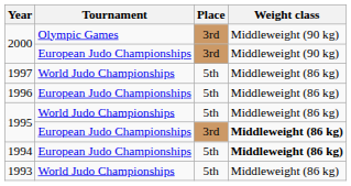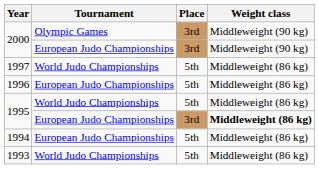 <table class=wikitable>
 <tr>
 <th>Year</th>
 <th>Tournament</th>
 <th>Place</th>
 <th>Weight class</th>
 </tr>
 <tr>
 <td rowspan=2>2000</td>
 <td><a href='#'>Olympic Games</a></td>
 <td bgcolor="cc9966" align="center">3rd</td>
 <td>Middleweight (90 kg)</td>
 </tr>
 <tr>
 <td><a href='#'>European Judo Championships</a></td>
 <td bgcolor="cc9966" align="center">3rd</td>
 <td>Middleweight (90 kg)</td>
 </tr>
 <tr>
 <td>1997</td>
 <td><a href='#'>World Judo Championships</a></td>
 <td align="center">5th</td>
 <td>Middleweight (86 kg)</td>
 </tr>
 <tr>
 <td>1996</td>
 <td><a href='#'>European Judo Championships</a></td>
 <td align="center">5th</td>
 <td>Middleweight (86 kg)</td>
 </tr>
 <tr>
 <td rowspan=2>1995</td>
 <td><a href='#'>World Judo Championships</a></td>
 <td align="center">5th</td>
 <td>Middleweight (86 kg)</td>
 </tr>
 <tr>
 <td><a href='#'>European Judo Championships</a></td>
 <td bgcolor="cc9966" align="center">3rd</td>
 <td><strong>Middleweight (86 kg)</strong></td>
 </tr>
 <tr>
 <td>1994</td>
 <td><a href='#'>European Judo Championships</a></td>
 <td align="center">5th</td>
-<td><strong>Middleweight (86 kg)</strong></td>
+<td>Middleweight (86 kg)</td>
 </tr>
 <tr>
 <td>1993</td>
 <td><a href='#'>World Judo Championships</a></td>
 <td align="center">5th</td>
 <td>Middleweight (86 kg)</td>
 </tr>
 </table>
